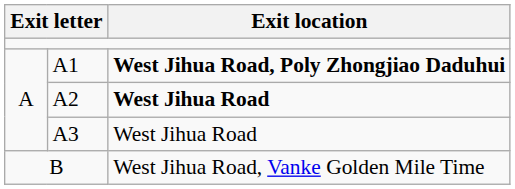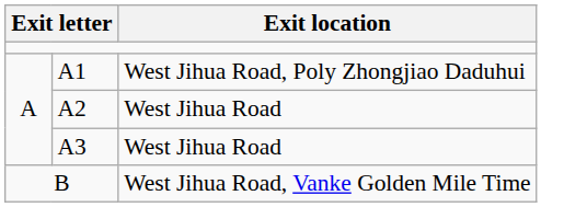 <table class="wikitable">
 <tr>
 <th colspan=2 style="width:70px">Exit letter</th>
 <th>Exit location</th>
 </tr>
 <tr style="background:#">
 <td colspan="4"></td>
 </tr>
 <tr>
 <td rowspan=3 align=center>A</td>
 <td>A1</td>
-<td><strong>West Jihua Road, Poly Zhongjiao Daduhui</strong></td>
+<td>West Jihua Road, Poly Zhongjiao Daduhui</td>
 </tr>
 <tr>
 <td>A2</td>
-<td><strong>West Jihua Road</strong></td>
+<td>West Jihua Road</td>
 </tr>
 <tr>
 <td>A3</td>
 <td>West Jihua Road</td>
 </tr>
 <tr>
 <td colspan=2 align=center>B</td>
 <td>West Jihua Road, <a href='#'>Vanke</a> Golden Mile Time</td>
 </tr>
 </table>
